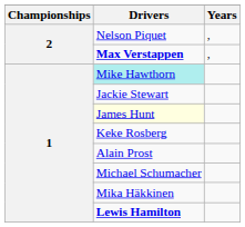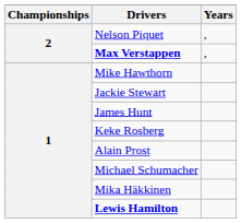 <table class="wikitable">
 <tr>
 </tr>
 <tr>
 <th scope="col">Championships</th>
 <th scope="col">Drivers</th>
 <th scope="col">Years</th>
 </tr>
 <tr>
 <th rowspan="2">2</th>
 <td align="left"> <a href='#'>Nelson Piquet</a></td>
 <td align="left">, </td>
 </tr>
 <tr>
 <td align="left"> <strong><a href='#'>Max Verstappen</a></strong></td>
 <td align="left">, </td>
 </tr>
 <tr>
 <th rowspan="8">1</th>
-<td align="left" style="background: paleturquoise;"> <a href='#'>Mike Hawthorn</a></td>
+<td align="left"> <a href='#'>Mike Hawthorn</a></td>
 <td align="left"></td>
 </tr>
 <tr>
 <td align="left"> <a href='#'>Jackie Stewart</a></td>
 <td align="left"></td>
 </tr>
 <tr>
-<td align="left" style="background: lightyellow;"> <a href='#'>James Hunt</a></td>
+<td align="left"> <a href='#'>James Hunt</a></td>
 <td align="left"></td>
 </tr>
 <tr>
 <td align="left"> <a href='#'>Keke Rosberg</a></td>
 <td align="left"></td>
 </tr>
 <tr>
 <td align="left"> <a href='#'>Alain Prost</a></td>
 <td align="left"></td>
 </tr>
 <tr>
 <td align="left"> <a href='#'>Michael Schumacher</a></td>
 <td align="left"></td>
 </tr>
 <tr>
 <td align="left"> <a href='#'>Mika Häkkinen</a></td>
 <td align="left"></td>
 </tr>
 <tr>
 <td align="left"> <strong><a href='#'>Lewis Hamilton</a></strong></td>
 <td align="left"></td>
 </tr>
 </table>
